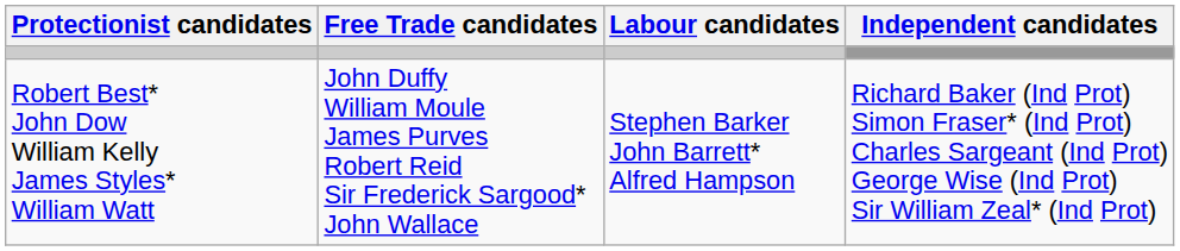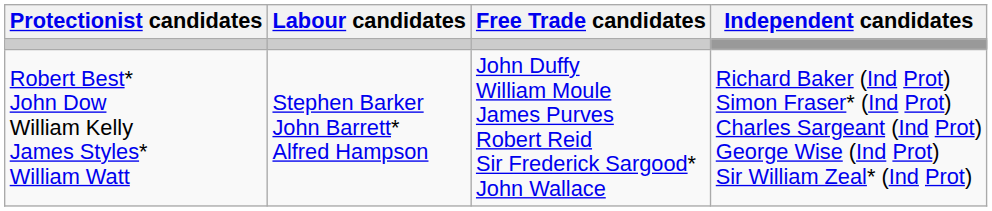 <table class="wikitable">
 <tr>
 <th><a href='#'>Protectionist</a> candidates</th>
+<th><a href='#'>Labour</a> candidates</th>
 <th><a href='#'>Free Trade</a> candidates</th>
-<th><a href='#'>Labour</a> candidates</th>
 <th><a href='#'>Independent</a> candidates</th>
 </tr>
 <tr bgcolor="#cccccc">
 <td></td>
 <td></td>
 <td></td>
 <td bgcolor="#999999"></td>
 </tr>
 <tr>
 <td><a href='#'>Robert Best</a>*<br><a href='#'>John Dow</a><br>William Kelly<br><a href='#'>James Styles</a>*<br><a href='#'>William Watt</a></td>
+<td><a href='#'>Stephen Barker</a><br><a href='#'>John Barrett</a>*<br><a href='#'>Alfred Hampson</a></td>
 <td><a href='#'>John Duffy</a><br><a href='#'>William Moule</a><br><a href='#'>James Purves</a><br><a href='#'>Robert Reid</a><br><a href='#'>Sir Frederick Sargood</a>*<br><a href='#'>John Wallace</a></td>
-<td><a href='#'>Stephen Barker</a><br><a href='#'>John Barrett</a>*<br><a href='#'>Alfred Hampson</a></td>
 <td><a href='#'>Richard Baker</a> (<a href='#'>Ind</a> <a href='#'>Prot</a>)<br><a href='#'>Simon Fraser</a>* (<a href='#'>Ind</a> <a href='#'>Prot</a>)<br><a href='#'>Charles Sargeant</a> (<a href='#'>Ind</a> <a href='#'>Prot</a>)<br><a href='#'>George Wise</a> (<a href='#'>Ind</a> <a href='#'>Prot</a>)<br><a href='#'>Sir William Zeal</a>* (<a href='#'>Ind</a> <a href='#'>Prot</a>)</td>
 </tr>
 </table>
